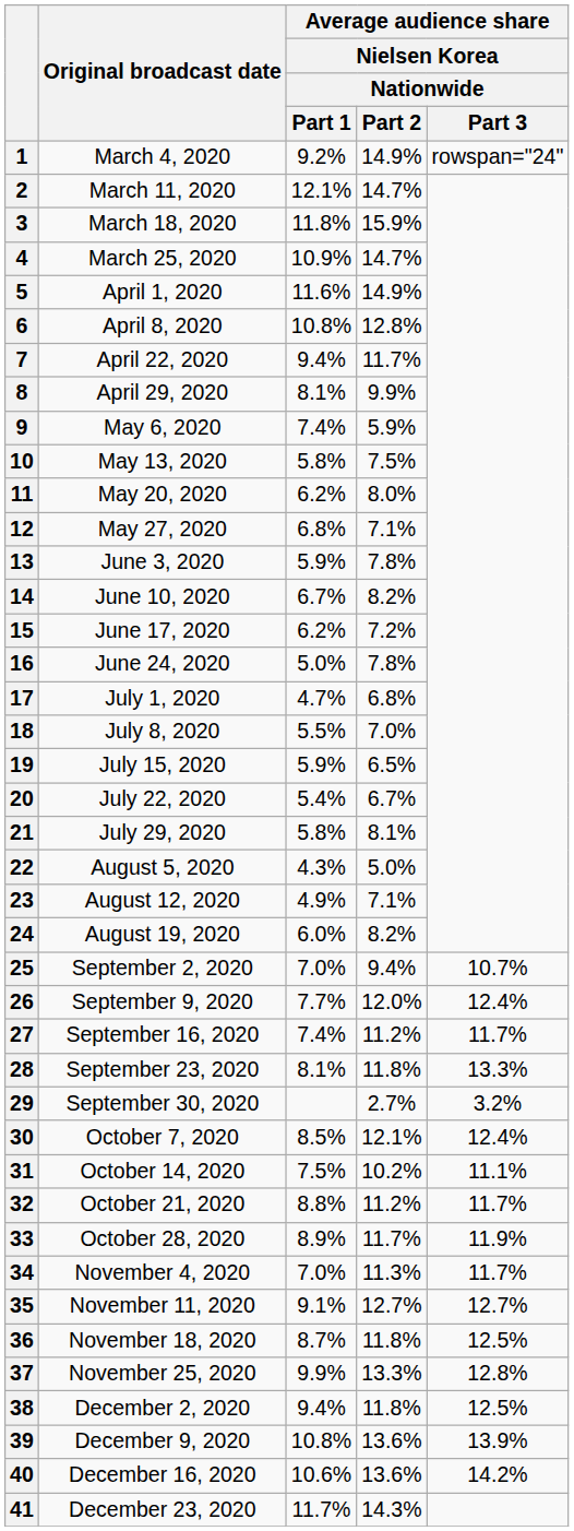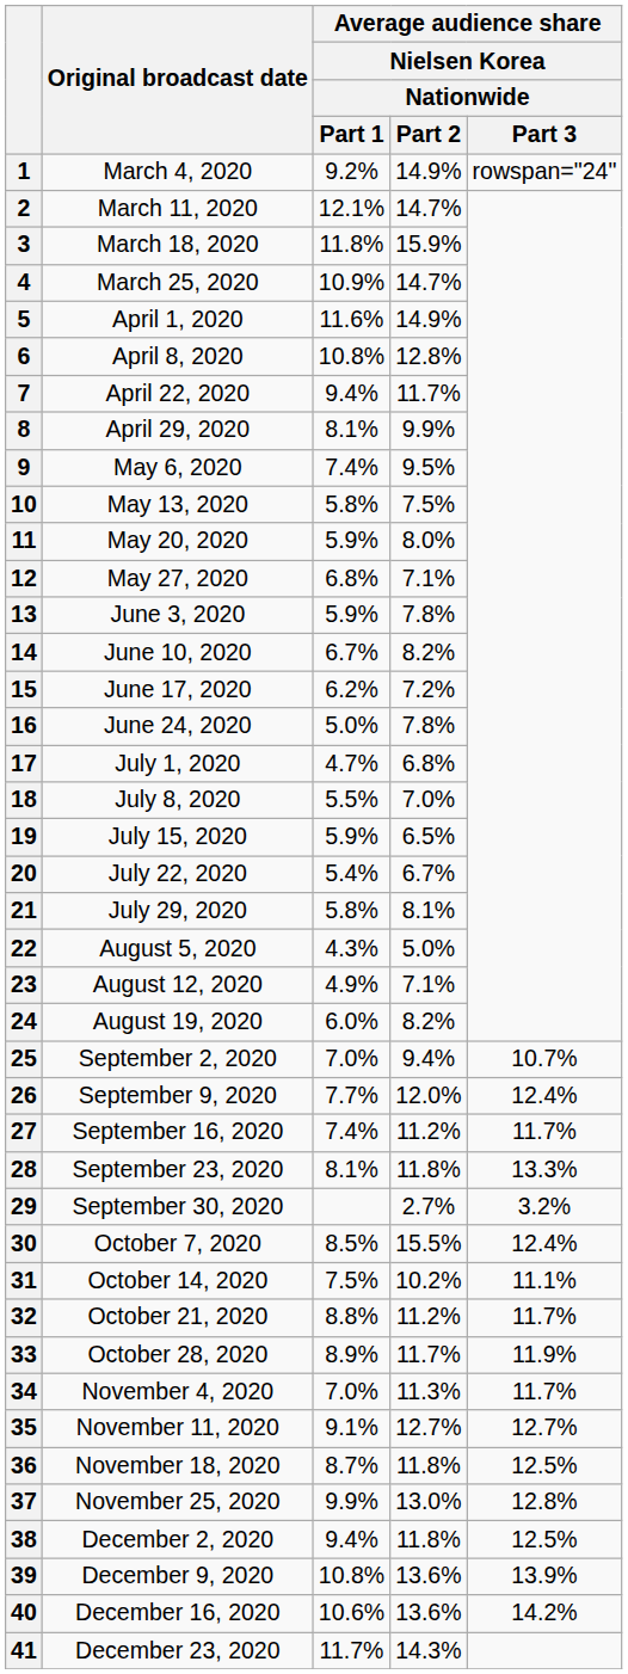 <table class=wikitable style=text-align:center>
 <tr>
 <th rowspan=4></th>
 <th rowspan=4>Original broadcast date</th>
 <th colspan=3>Average audience share</th>
 </tr>
 <tr>
 <th colspan=3>Nielsen Korea</th>
 </tr>
 <tr>
 <th colspan=3>Nationwide</th>
 </tr>
 <tr>
 <th>Part 1</th>
 <th>Part 2</th>
 <th>Part 3</th>
 </tr>
 <tr>
 <th>1</th>
 <td>March 4, 2020</td>
 <td>9.2%</td>
 <td>14.9%</td>
 <td>rowspan="24" </td>
 </tr>
 <tr>
 <th>2</th>
 <td>March 11, 2020</td>
 <td>12.1%</td>
 <td>14.7%</td>
 </tr>
 <tr>
 <th>3</th>
 <td>March 18, 2020</td>
 <td>11.8%</td>
 <td>15.9%</td>
 </tr>
 <tr>
 <th>4</th>
 <td>March 25, 2020</td>
 <td>10.9%</td>
 <td>14.7%</td>
 </tr>
 <tr>
 <th>5</th>
 <td>April 1, 2020</td>
 <td>11.6%</td>
 <td>14.9%</td>
 </tr>
 <tr>
 <th>6</th>
 <td>April 8, 2020</td>
 <td>10.8%</td>
 <td>12.8%</td>
 </tr>
 <tr>
 <th>7</th>
 <td>April 22, 2020</td>
 <td>9.4%</td>
 <td>11.7%</td>
 </tr>
 <tr>
 <th>8</th>
 <td>April 29, 2020</td>
 <td>8.1%</td>
 <td>9.9%</td>
 </tr>
 <tr>
 <th>9</th>
 <td>May 6, 2020</td>
 <td>7.4%</td>
-<td>5.9%</td>
+<td>9.5%</td>
 </tr>
 <tr>
 <th>10</th>
 <td>May 13, 2020</td>
 <td>5.8%</td>
 <td>7.5%</td>
 </tr>
 <tr>
 <th>11</th>
 <td>May 20, 2020</td>
-<td>6.2%</td>
+<td>5.9%</td>
 <td>8.0%</td>
 </tr>
 <tr>
 <th>12</th>
 <td>May 27, 2020</td>
 <td>6.8%</td>
 <td>7.1%</td>
 </tr>
 <tr>
 <th>13</th>
 <td>June 3, 2020</td>
 <td>5.9%</td>
 <td>7.8%</td>
 </tr>
 <tr>
 <th>14</th>
 <td>June 10, 2020</td>
 <td>6.7%</td>
 <td>8.2%</td>
 </tr>
 <tr>
 <th>15</th>
 <td>June 17, 2020</td>
 <td>6.2%</td>
 <td>7.2%</td>
 </tr>
 <tr>
 <th>16</th>
 <td>June 24, 2020</td>
 <td>5.0%</td>
 <td>7.8%</td>
 </tr>
 <tr>
 <th>17</th>
 <td>July 1, 2020</td>
 <td>4.7%</td>
 <td>6.8%</td>
 </tr>
 <tr>
 <th>18</th>
 <td>July 8, 2020</td>
 <td>5.5%</td>
 <td>7.0%</td>
 </tr>
 <tr>
 <th>19</th>
 <td>July 15, 2020</td>
 <td>5.9%</td>
 <td>6.5%</td>
 </tr>
 <tr>
 <th>20</th>
 <td>July 22, 2020</td>
 <td>5.4%</td>
 <td>6.7%</td>
 </tr>
 <tr>
 <th>21</th>
 <td>July 29, 2020</td>
 <td>5.8%</td>
 <td>8.1%</td>
 </tr>
 <tr>
 <th>22</th>
 <td>August 5, 2020</td>
 <td>4.3%</td>
 <td>5.0%</td>
 </tr>
 <tr>
 <th>23</th>
 <td>August 12, 2020</td>
 <td>4.9%</td>
 <td>7.1%</td>
 </tr>
 <tr>
 <th>24</th>
 <td>August 19, 2020</td>
 <td>6.0%</td>
 <td>8.2%</td>
 </tr>
 <tr>
 <th>25</th>
 <td>September 2, 2020</td>
 <td>7.0%</td>
 <td>9.4%</td>
 <td>10.7%</td>
 </tr>
 <tr>
 <th>26</th>
 <td>September 9, 2020</td>
 <td>7.7%</td>
 <td>12.0%</td>
 <td>12.4%</td>
 </tr>
 <tr>
 <th>27</th>
 <td>September 16, 2020</td>
 <td>7.4%</td>
 <td>11.2%</td>
 <td>11.7%</td>
 </tr>
 <tr>
 <th>28</th>
 <td>September 23, 2020</td>
 <td>8.1%</td>
 <td>11.8%</td>
 <td>13.3%</td>
 </tr>
 <tr>
 <th>29</th>
 <td>September 30, 2020</td>
 <td></td>
 <td>2.7%</td>
 <td>3.2%</td>
 </tr>
 <tr>
 <th>30</th>
 <td>October 7, 2020</td>
 <td>8.5%</td>
-<td>12.1%</td>
+<td>15.5%</td>
 <td>12.4%</td>
 </tr>
 <tr>
 <th>31</th>
 <td>October 14, 2020</td>
 <td>7.5%</td>
 <td>10.2%</td>
 <td>11.1%</td>
 </tr>
 <tr>
 <th>32</th>
 <td>October 21, 2020</td>
 <td>8.8%</td>
 <td>11.2%</td>
 <td>11.7%</td>
 </tr>
 <tr>
 <th>33</th>
 <td>October 28, 2020</td>
 <td>8.9%</td>
 <td>11.7%</td>
 <td>11.9%</td>
 </tr>
 <tr>
 <th>34</th>
 <td>November 4, 2020</td>
 <td>7.0%</td>
 <td>11.3%</td>
 <td>11.7%</td>
 </tr>
 <tr>
 <th>35</th>
 <td>November 11, 2020</td>
 <td>9.1%</td>
 <td>12.7%</td>
 <td>12.7%</td>
 </tr>
 <tr>
 <th>36</th>
 <td>November 18, 2020</td>
 <td>8.7%</td>
 <td>11.8%</td>
 <td>12.5%</td>
 </tr>
 <tr>
 <th>37</th>
 <td>November 25, 2020</td>
 <td>9.9%</td>
-<td>13.3%</td>
+<td>13.0%</td>
 <td>12.8%</td>
 </tr>
 <tr>
 <th>38</th>
 <td>December 2, 2020</td>
 <td>9.4%</td>
 <td>11.8%</td>
 <td>12.5%</td>
 </tr>
 <tr>
 <th>39</th>
 <td>December 9, 2020</td>
 <td>10.8%</td>
 <td>13.6%</td>
 <td>13.9%</td>
 </tr>
 <tr>
 <th>40</th>
 <td>December 16, 2020</td>
 <td>10.6%</td>
 <td>13.6%</td>
 <td>14.2%</td>
 </tr>
 <tr>
 <th>41</th>
 <td>December 23, 2020</td>
 <td>11.7%</td>
 <td>14.3%</td>
 <td></td>
 </tr>
 </table>
